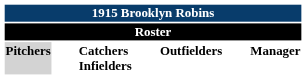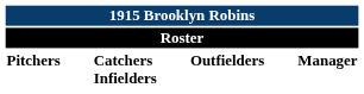 <table class="toccolours" style="font-size: 95%;">
 <tr>
 <th colspan="10" style="background-color: #083c6b; color: white; text-align: center;">1915 Brooklyn Robins</th>
 </tr>
 <tr>
 <td colspan="10" style="background-color: black; color: white; text-align: center;"><strong>Roster</strong></td>
 </tr>
 <tr>
-<td valign="top" style="background: lightgrey;"><strong>Pitchers</strong><br>              </td>
+<td valign="top"><strong>Pitchers</strong><br>              </td>
 <td width="25px"></td>
 <td valign="top"><strong>Catchers</strong><br>   <strong>Infielders</strong>        </td>
 <td width="25px"></td>
 <td valign="top"><strong>Outfielders</strong><br>      </td>
 <td width="25px"></td>
 <td valign="top"><strong>Manager</strong><br></td>
 </tr>
 </table>
